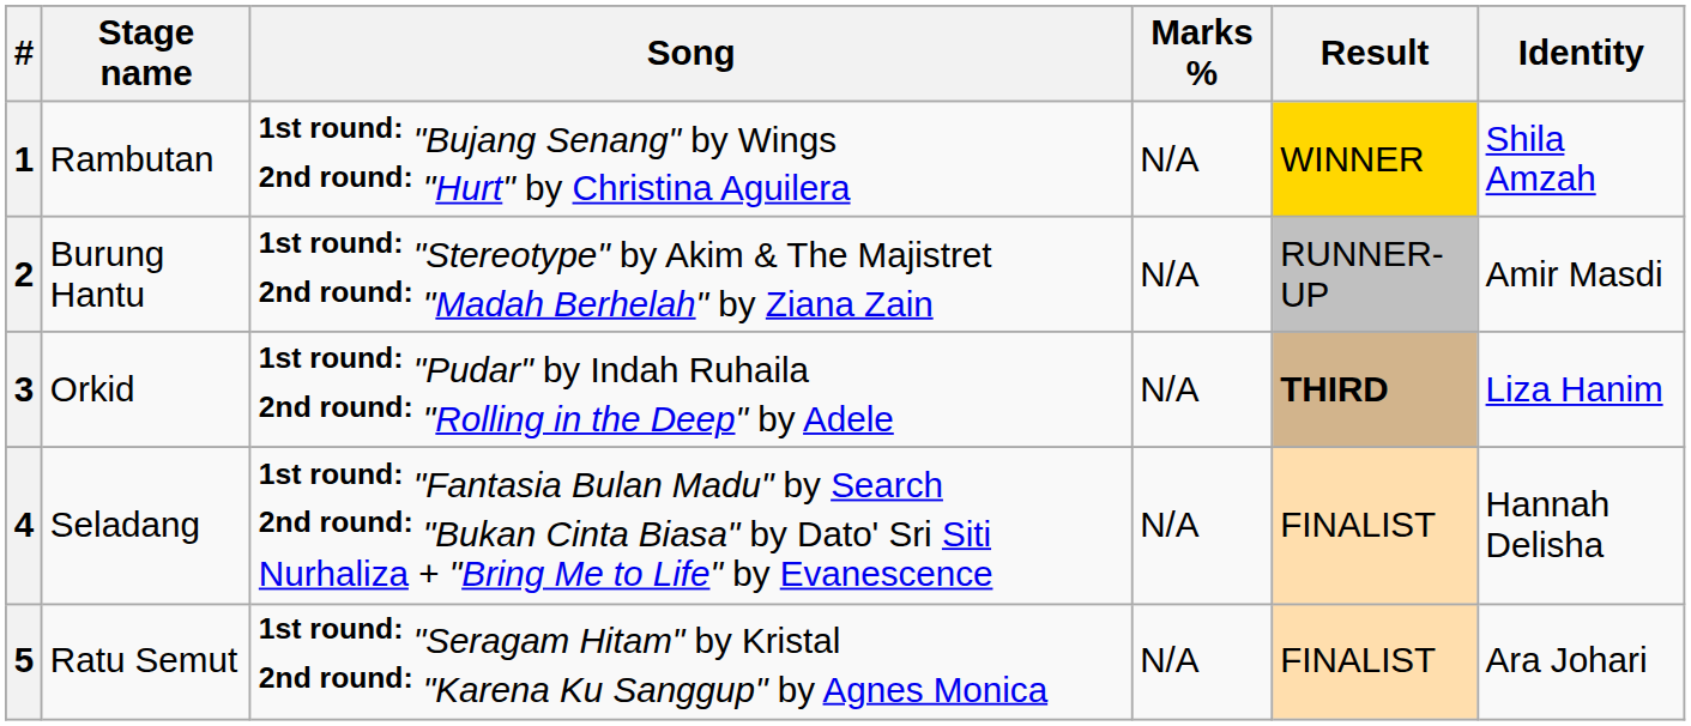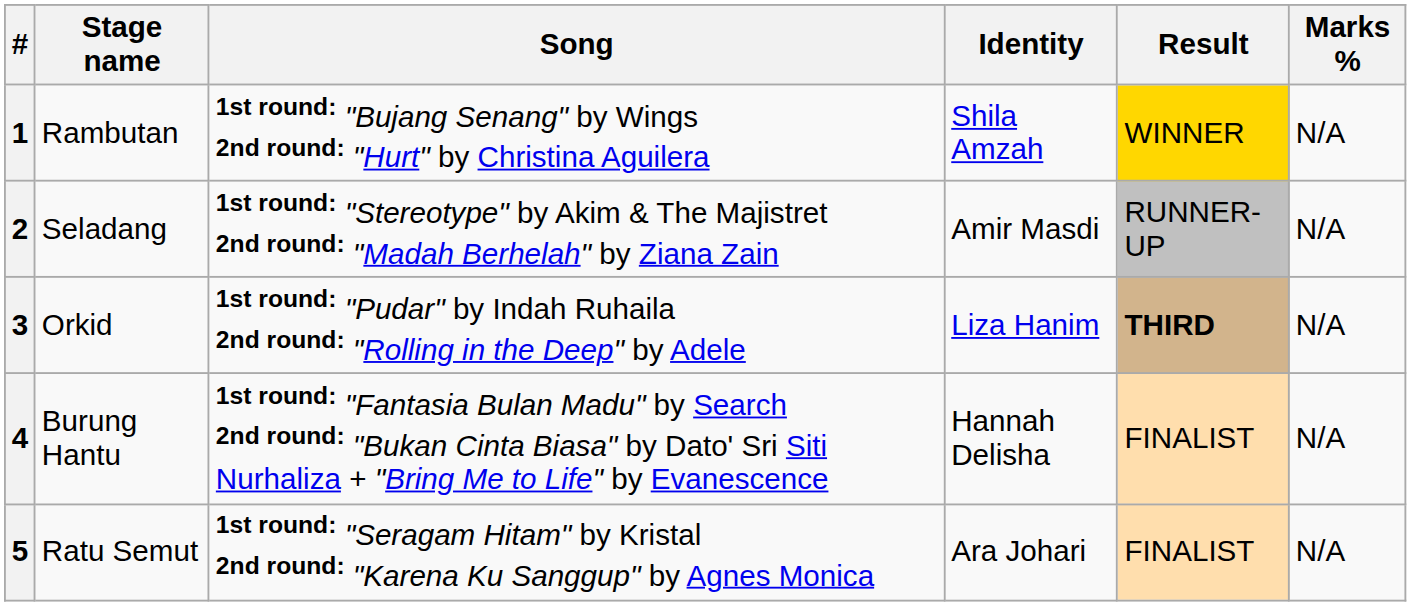 <table class="wikitable plainrowheaders" style="width: 60%; style=text-align: center;">
 <tr>
 <th>#</th>
 <th>Stage name</th>
 <th>Song</th>
+<th>Identity</th>
+<th>Result</th>
 <th>Marks %</th>
-<th>Result</th>
-<th>Identity</th>
 </tr>
 <tr>
 <th>1</th>
 <td>Rambutan</td>
 <td><sup><strong>1st round:</strong></sup> <em>"Bujang Senang"</em> by Wings <br><sup><strong>2nd round:</strong></sup> <em>"<a href='#'>Hurt</a>"</em> by <a href='#'>Christina Aguilera</a></td>
+<td><a href='#'>Shila Amzah</a></td>
+<td bgcolor=gold>WINNER</td>
 <td>N/A</td>
-<td bgcolor=gold>WINNER</td>
-<td><a href='#'>Shila Amzah</a></td>
 </tr>
 <tr>
 <th>2</th>
-<td>Burung Hantu</td>
+<td>Seladang</td>
 <td><sup><strong>1st round:</strong></sup> <em>"Stereotype"</em> by Akim & The Majistret <br><sup><strong>2nd round:</strong></sup> <em>"<a href='#'>Madah Berhelah</a>"</em> by <a href='#'>Ziana Zain</a></td>
+<td>Amir Masdi</td>
+<td bgcolor=silver>RUNNER-UP</td>
 <td>N/A</td>
-<td bgcolor=silver>RUNNER-UP</td>
-<td>Amir Masdi</td>
 </tr>
 <tr>
 <th>3</th>
 <td>Orkid</td>
 <td><sup><strong>1st round:</strong></sup> <em>"Pudar"</em> by Indah Ruhaila <br><sup><strong>2nd round:</strong></sup> <em>"<a href='#'>Rolling in the Deep</a>"</em> by <a href='#'>Adele</a></td>
+<td><a href='#'>Liza Hanim</a></td>
+<td bgcolor=tan><strong>THIRD</strong></td>
 <td>N/A</td>
-<td bgcolor=tan><strong>THIRD</strong></td>
-<td><a href='#'>Liza Hanim</a></td>
 </tr>
 <tr>
 <th>4</th>
-<td>Seladang</td>
+<td>Burung Hantu</td>
 <td><sup><strong>1st round:</strong></sup> <em>"Fantasia Bulan Madu"</em> by <a href='#'>Search</a> <br><sup><strong>2nd round:</strong></sup> <em>"Bukan Cinta Biasa"</em> by Dato' Sri <a href='#'>Siti Nurhaliza</a> + <em>"<a href='#'>Bring Me to Life</a>"</em> by <a href='#'>Evanescence</a></td>
+<td>Hannah Delisha</td>
+<td bgcolor=navajowhite>FINALIST</td>
 <td>N/A</td>
-<td bgcolor=navajowhite>FINALIST</td>
-<td>Hannah Delisha</td>
 </tr>
 <tr>
 <th>5</th>
 <td>Ratu Semut</td>
 <td><sup><strong>1st round:</strong></sup> <em>"Seragam Hitam"</em> by Kristal <br><sup><strong>2nd round:</strong></sup> <em>"Karena Ku Sanggup"</em> by <a href='#'>Agnes Monica</a></td>
+<td>Ara Johari</td>
+<td bgcolor=navajowhite>FINALIST</td>
 <td>N/A</td>
-<td bgcolor=navajowhite>FINALIST</td>
-<td>Ara Johari</td>
 </tr>
 </table>
